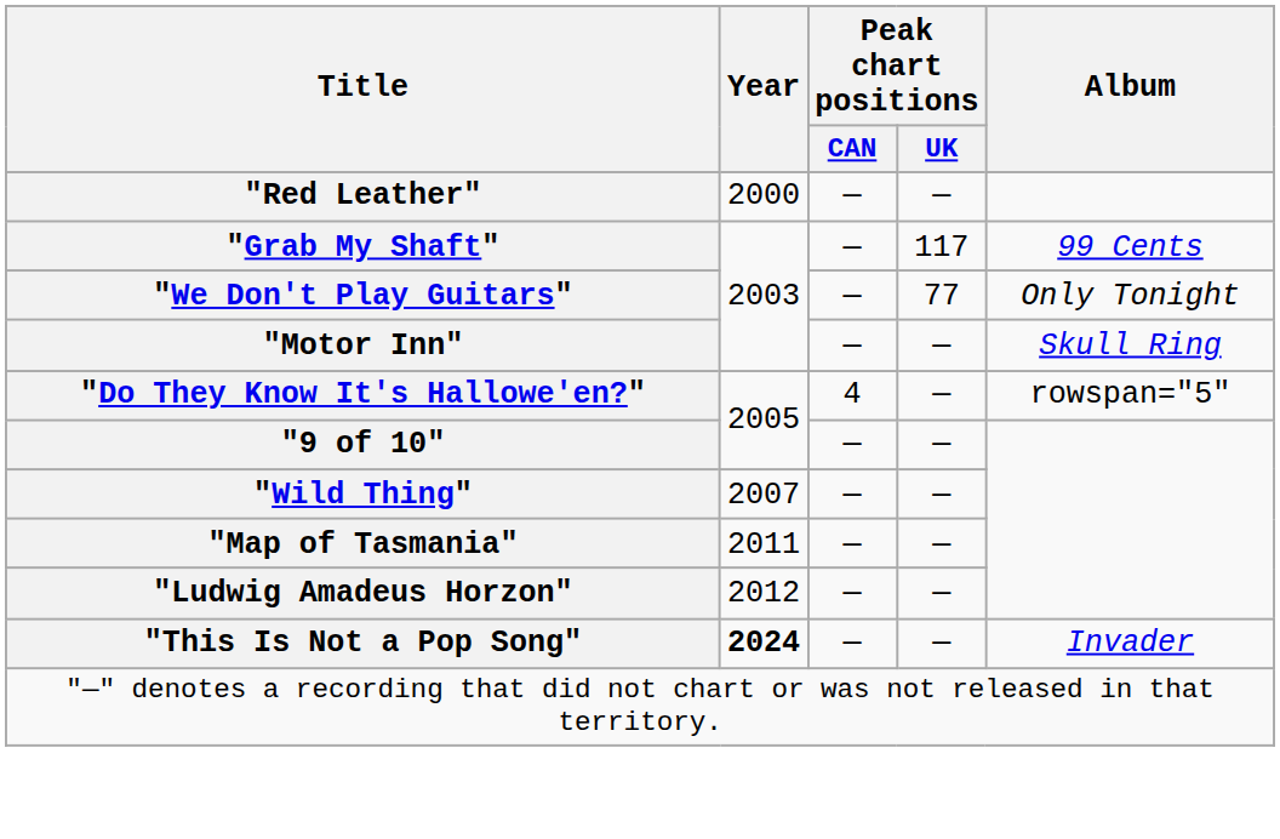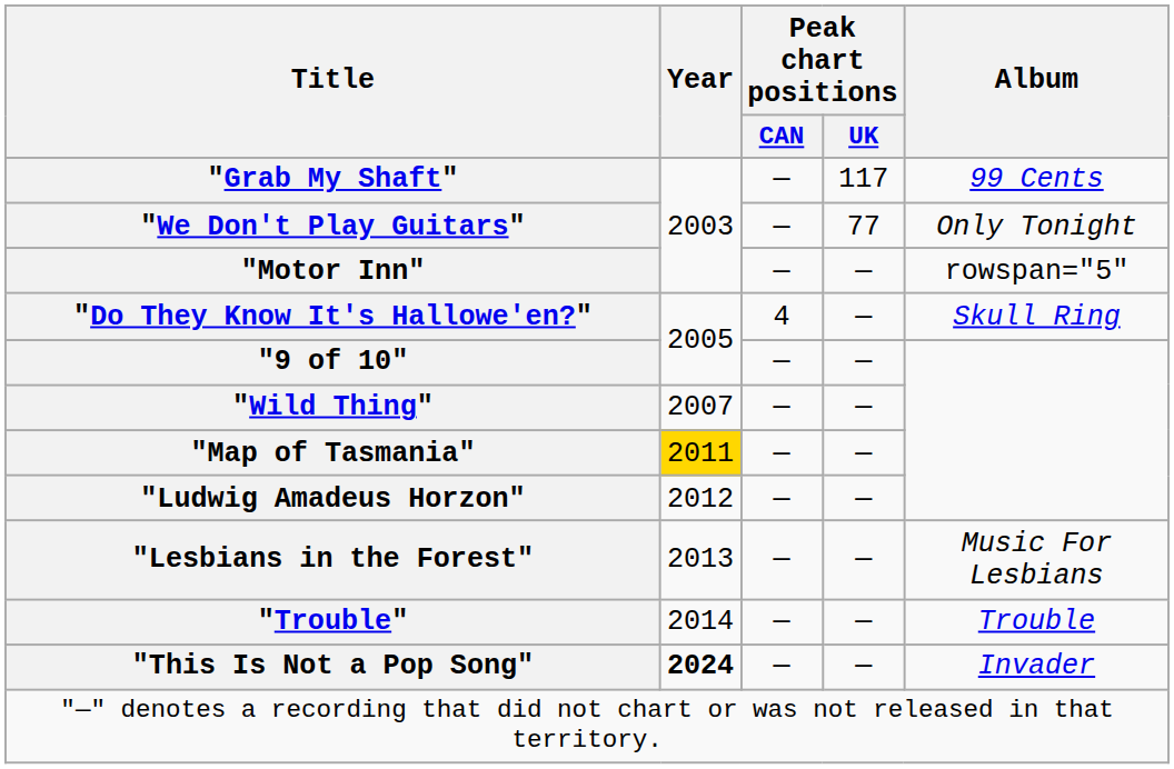 <table class="wikitable plainrowheaders" style="text-align:center;">
 <tr>
 <th scope="col" rowspan="2" style="width:23em;">Title</th>
 <th scope="col" rowspan="2" style="width:1em;">Year</th>
 <th scope="col" colspan="2">Peak chart positions</th>
 <th scope="col" rowspan="2" style="width:9em;">Album</th>
 </tr>
 <tr>
 <th scope="col" style="width:2.5em;font-size:90%;"><a href='#'>CAN</a><br></th>
 <th scope="col" style="width:2.5em;font-size:90%;"><a href='#'>UK</a><br></th>
-</tr>
-<tr>
-<th scope="row">"Red Leather" <br> </th>
-<td>2000</td>
-<td>—</td>
-<td>—</td>
-<td></td>
 </tr>
 <tr>
 <th scope="row">"<a href='#'>Grab My Shaft</a>" <br> </th>
 <td rowspan="3">2003</td>
 <td>—</td>
 <td>117</td>
 <td><em><a href='#'>99 Cents</a></em></td>
 </tr>
 <tr>
 <th scope="row">"<a href='#'>We Don't Play Guitars</a>" <br> </th>
 <td>—</td>
 <td>77</td>
 <td><em>Only Tonight</em></td>
 </tr>
 <tr>
 <th scope="row">"Motor Inn" <br> </th>
 <td>—</td>
 <td>—</td>
-<td><em><a href='#'>Skull Ring</a></em></td>
+<td>rowspan="5" </td>
 </tr>
 <tr>
 <th scope="row">"<a href='#'>Do They Know It's Hallowe'en?</a>" <br> </th>
 <td rowspan="2">2005</td>
 <td>4</td>
 <td>—</td>
-<td>rowspan="5" </td>
+<td><em><a href='#'>Skull Ring</a></em></td>
 </tr>
 <tr>
 <th scope="row">"9 of 10" <br> </th>
 <td>—</td>
 <td>—</td>
 </tr>
 <tr>
 <th scope="row">"<a href='#'>Wild Thing</a>" <br> </th>
 <td>2007</td>
 <td>—</td>
 <td>—</td>
 </tr>
 <tr>
 <th scope="row">"Map of Tasmania" <br> </th>
-<td>2011</td>
+<td style="background: gold;">2011</td>
 <td>—</td>
 <td>—</td>
 </tr>
 <tr>
 <th scope="row">"Ludwig Amadeus Horzon" <br> </th>
 <td>2012</td>
 <td>—</td>
 <td>—</td>
+</tr>
+<tr>
+<th scope="row">"Lesbians in the Forest" <br> </th>
+<td>2013</td>
+<td>—</td>
+<td>—</td>
+<td><em>Music For Lesbians</em></td>
+</tr>
+<tr>
+<th scope="row">"<a href='#'>Trouble</a>" <br> </th>
+<td>2014</td>
+<td>—</td>
+<td>—</td>
+<td><em><a href='#'>Trouble</a></em></td>
 </tr>
 <tr>
 <th scope="row">"This Is Not a Pop Song"<br> </th>
 <td><strong>2024</strong></td>
 <td>—</td>
 <td>—</td>
 <td><em><a href='#'>Invader</a></em></td>
 </tr>
 <tr>
 <td colspan="5" style="font-size:90%">"—" denotes a recording that did not chart or was not released in that territory.</td>
 </tr>
 </table>
